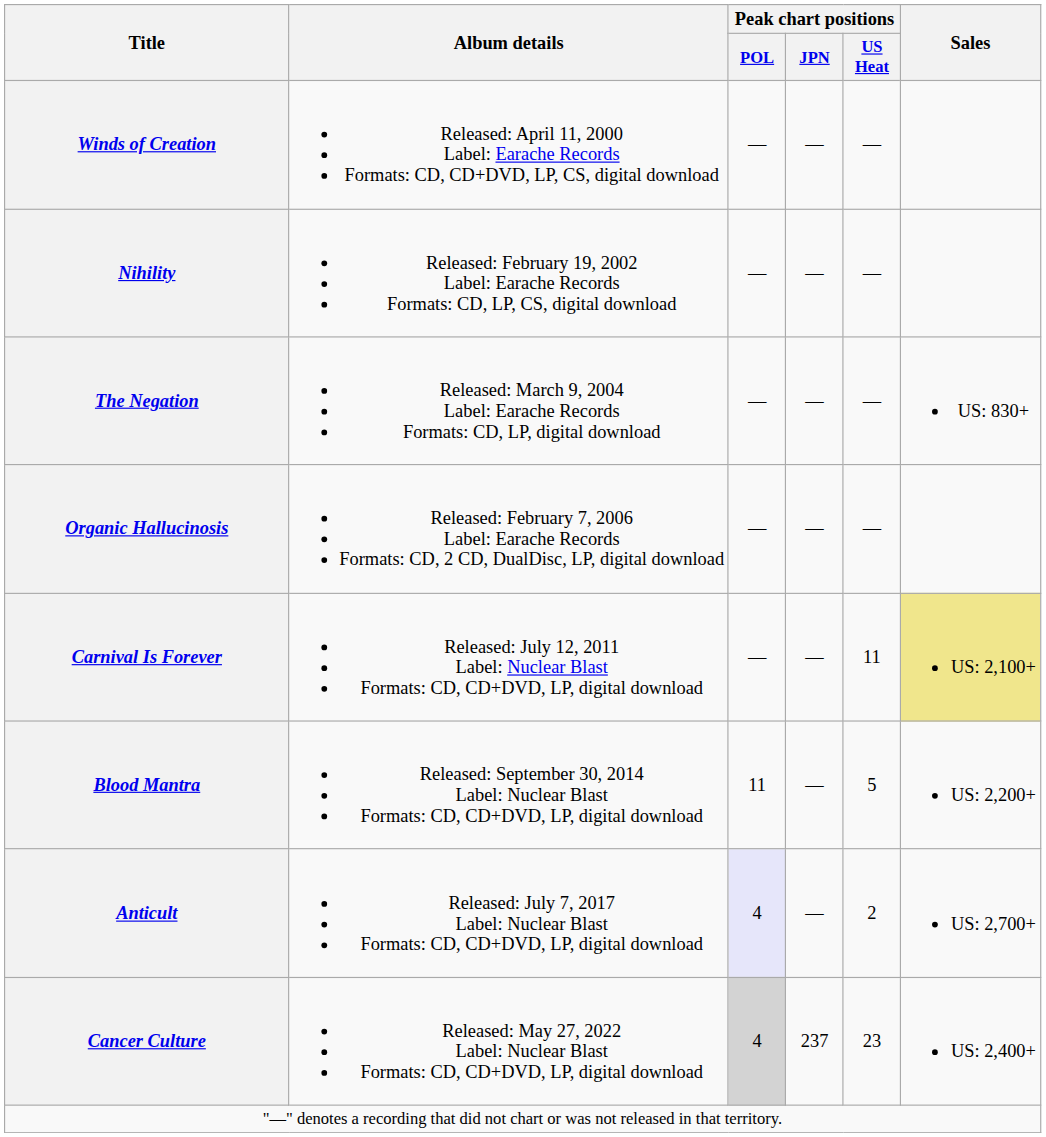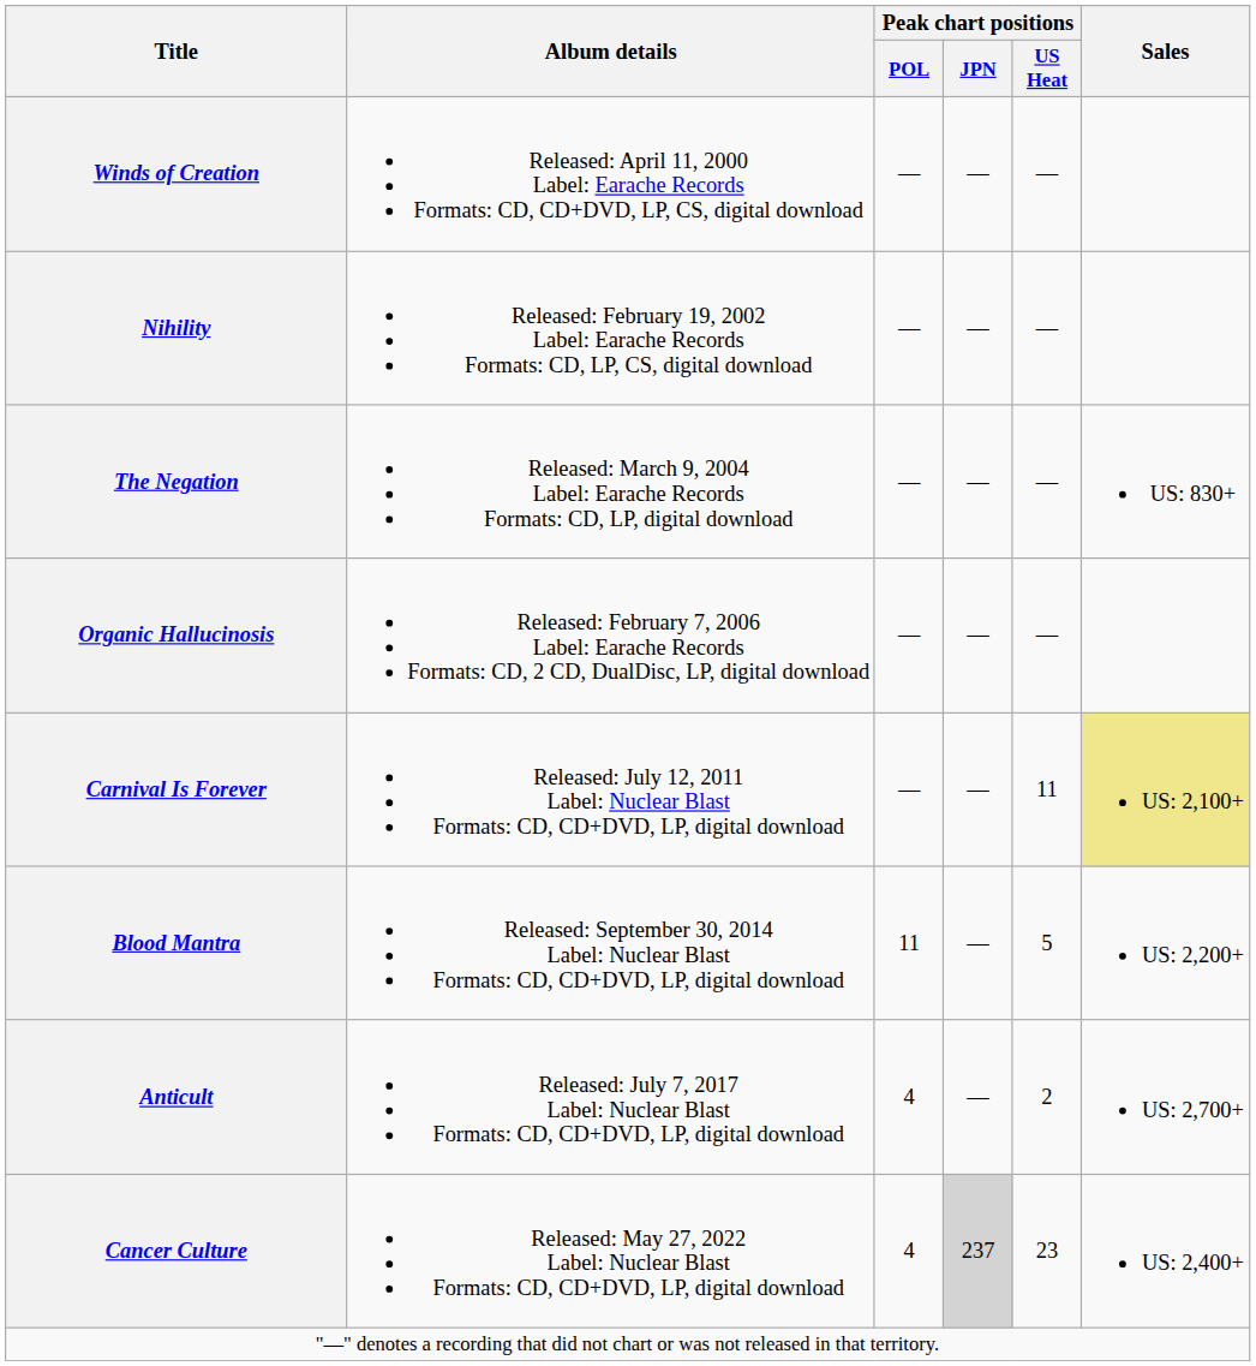 <table class="wikitable plainrowheaders" style="text-align:center;">
 <tr>
 <th scope="col" rowspan="2" style="width:15em;">Title</th>
 <th scope="col" rowspan="2">Album details</th>
 <th scope="col" colspan="3">Peak chart positions</th>
 <th scope="col" rowspan="2">Sales</th>
 </tr>
 <tr>
 <th scope="col" style="width:3em;font-size:90%;"><a href='#'>POL</a><br></th>
 <th scope="col" style="width:3em;font-size:90%;"><a href='#'>JPN</a><br></th>
 <th scope="col" style="width:3em;font-size:90%;"><a href='#'>US Heat</a><br></th>
 </tr>
 <tr>
 <th scope="row"><em><a href='#'>Winds of Creation</a></em></th>
 <td><br><ul><li>Released: April 11, 2000</li><li>Label: <a href='#'>Earache Records</a></li><li>Formats: CD, CD+DVD, LP, CS, digital download</li></ul></td>
 <td>—</td>
 <td>—</td>
 <td>—</td>
 <td></td>
 </tr>
 <tr>
 <th scope="row"><em><a href='#'>Nihility</a></em></th>
 <td><br><ul><li>Released: February 19, 2002</li><li>Label: Earache Records</li><li>Formats: CD, LP, CS, digital download</li></ul></td>
 <td>—</td>
 <td>—</td>
 <td>—</td>
 <td></td>
 </tr>
 <tr>
 <th scope="row"><em><a href='#'>The Negation</a></em></th>
 <td><br><ul><li>Released: March 9, 2004</li><li>Label: Earache Records</li><li>Formats: CD, LP, digital download</li></ul></td>
 <td>—</td>
 <td>—</td>
 <td>—</td>
 <td><br><ul><li>US: 830+</li></ul></td>
 </tr>
 <tr>
 <th scope="row"><em><a href='#'>Organic Hallucinosis</a></em></th>
 <td><br><ul><li>Released: February 7, 2006</li><li>Label: Earache Records</li><li>Formats: CD, 2 CD, DualDisc, LP, digital download</li></ul></td>
 <td>—</td>
 <td>—</td>
 <td>—</td>
 <td></td>
 </tr>
 <tr>
 <th scope="row"><em><a href='#'>Carnival Is Forever</a></em></th>
 <td><br><ul><li>Released: July 12, 2011</li><li>Label: <a href='#'>Nuclear Blast</a></li><li>Formats: CD, CD+DVD, LP, digital download</li></ul></td>
 <td>—</td>
 <td>—</td>
 <td>11</td>
 <td style="background: khaki;"><br><ul><li>US: 2,100+</li></ul></td>
 </tr>
 <tr>
 <th scope="row"><em><a href='#'>Blood Mantra</a></em></th>
 <td><br><ul><li>Released: September 30, 2014</li><li>Label: Nuclear Blast</li><li>Formats: CD, CD+DVD, LP, digital download</li></ul></td>
 <td>11</td>
 <td>—</td>
 <td>5</td>
 <td><br><ul><li>US: 2,200+</li></ul></td>
 </tr>
 <tr>
 <th scope="row"><em><a href='#'>Anticult</a></em></th>
 <td><br><ul><li>Released: July 7, 2017</li><li>Label: Nuclear Blast</li><li>Formats: CD, CD+DVD, LP, digital download</li></ul></td>
-<td style="background: lavender;">4</td>
+<td>4</td>
 <td>—</td>
 <td>2</td>
 <td><br><ul><li>US: 2,700+</li></ul></td>
 </tr>
 <tr>
 <th scope="row"><em><a href='#'>Cancer Culture</a></em></th>
 <td><br><ul><li>Released: May 27, 2022</li><li>Label: Nuclear Blast</li><li>Formats: CD, CD+DVD, LP, digital download</li></ul></td>
-<td style="background: lightgrey;">4</td>
-<td>237</td>
+<td>4</td>
+<td style="background: lightgrey;">237</td>
 <td>23</td>
 <td><br><ul><li>US: 2,400+</li></ul></td>
 </tr>
 <tr>
 <td colspan="10" style="font-size:90%">"—" denotes a recording that did not chart or was not released in that territory.</td>
 </tr>
 </table>
